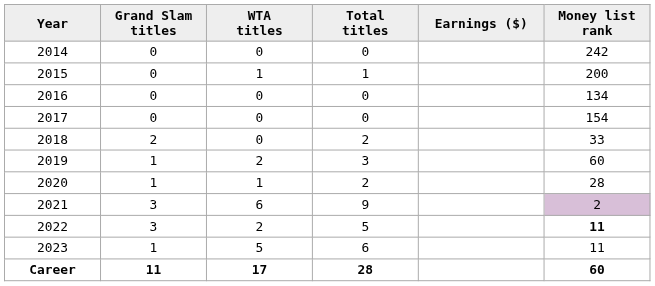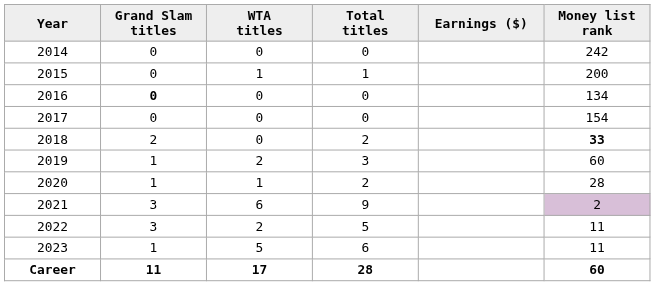 <table cellpadding=3 cellspacing=0 border=1 style=border:#aaa;solid:1px;border-collapse:collapse;text-align:center;>
 <tr style=background:#eee;font-weight:bold>
 <td width="90">Year</td>
 <td width="100">Grand Slam <br>titles</td>
 <td width="100">WTA <br>titles</td>
 <td width="100">Total <br>titles</td>
 <td width="120">Earnings ($)</td>
 <td width="100">Money list rank</td>
 </tr>
 <tr>
 <td>2014</td>
 <td>0</td>
 <td>0</td>
 <td>0</td>
 <td align="right"></td>
 <td>242</td>
 </tr>
 <tr>
 <td>2015</td>
 <td>0</td>
 <td>1</td>
 <td>1</td>
 <td align="right"></td>
 <td>200</td>
 </tr>
 <tr>
 <td>2016</td>
-<td>0</td>
+<td><strong>0</strong></td>
 <td>0</td>
 <td>0</td>
 <td align="right"></td>
 <td>134</td>
 </tr>
 <tr>
 <td>2017</td>
 <td>0</td>
 <td>0</td>
 <td>0</td>
 <td align="right"></td>
 <td>154</td>
 </tr>
 <tr>
 <td>2018</td>
 <td>2</td>
 <td>0</td>
 <td>2</td>
 <td align="right"></td>
-<td>33</td>
+<td><strong>33</strong></td>
 </tr>
 <tr>
 <td>2019</td>
 <td>1</td>
 <td>2</td>
 <td>3</td>
 <td align="right"></td>
 <td>60</td>
 </tr>
 <tr>
 <td>2020</td>
 <td>1</td>
 <td>1</td>
 <td>2</td>
 <td align="right"></td>
 <td>28</td>
 </tr>
 <tr>
 <td>2021</td>
 <td>3</td>
 <td>6</td>
 <td>9</td>
 <td align="right"></td>
 <td bgcolor="thistle">2</td>
 </tr>
 <tr>
 <td>2022</td>
 <td>3</td>
 <td>2</td>
 <td>5</td>
 <td align=right></td>
-<td><strong>11</strong></td>
+<td>11</td>
 </tr>
 <tr>
 <td>2023</td>
 <td>1</td>
 <td>5</td>
 <td>6</td>
 <td align=right></td>
 <td>11</td>
 </tr>
 <tr style="font-weight:bold;">
 <td>Career</td>
 <td>11</td>
 <td>17</td>
 <td>28</td>
 <td align="right"></td>
 <td>60</td>
 </tr>
 </table>
